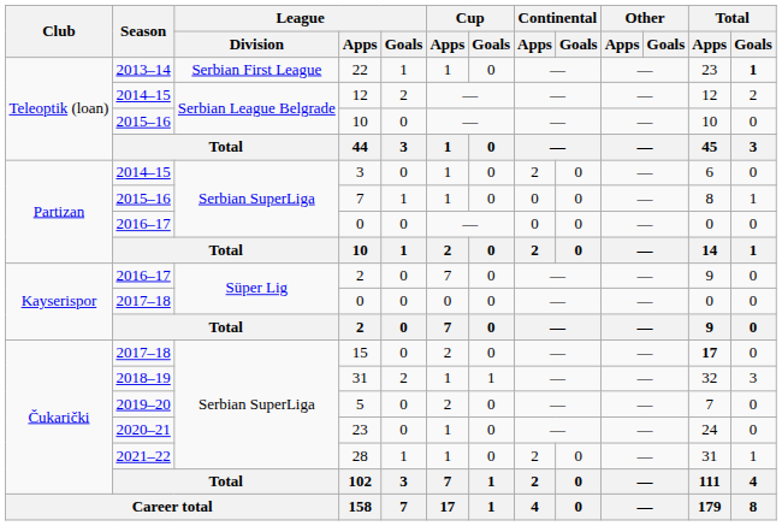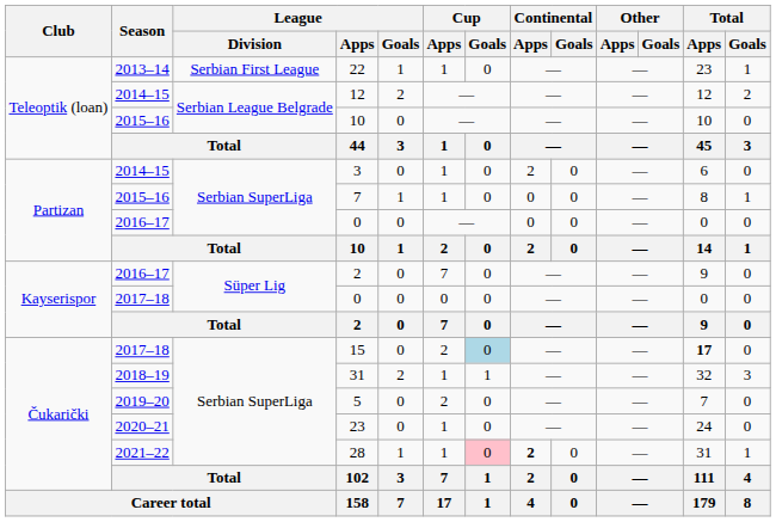 <table class="wikitable" style="text-align: center;font-size:90%">
 <tr>
 <th rowspan="2">Club</th>
 <th rowspan="2">Season</th>
 <th colspan="3">League</th>
 <th colspan="2">Cup</th>
 <th colspan="2">Continental</th>
 <th colspan="2">Other</th>
 <th colspan="2">Total</th>
 </tr>
 <tr>
 <th>Division</th>
 <th>Apps</th>
 <th>Goals</th>
 <th>Apps</th>
 <th>Goals</th>
 <th>Apps</th>
 <th>Goals</th>
 <th>Apps</th>
 <th>Goals</th>
 <th>Apps</th>
 <th>Goals</th>
 </tr>
 <tr>
 <td rowspan="4"><a href='#'>Teleoptik</a> (loan)</td>
 <td><a href='#'>2013–14</a></td>
 <td><a href='#'>Serbian First League</a></td>
 <td>22</td>
 <td>1</td>
 <td>1</td>
 <td>0</td>
 <td colspan="2">—</td>
 <td colspan="2">—</td>
 <td>23</td>
-<td><strong>1</strong></td>
+<td>1</td>
 </tr>
 <tr>
 <td><a href='#'>2014–15</a></td>
 <td rowspan="2"><a href='#'>Serbian League Belgrade</a></td>
 <td>12</td>
 <td>2</td>
 <td colspan="2">—</td>
 <td colspan="2">—</td>
 <td colspan="2">—</td>
 <td>12</td>
 <td>2</td>
 </tr>
 <tr>
 <td><a href='#'>2015–16</a></td>
 <td>10</td>
 <td>0</td>
 <td colspan="2">—</td>
 <td colspan="2">—</td>
 <td colspan="2">—</td>
 <td>10</td>
 <td>0</td>
 </tr>
 <tr>
 <th colspan="2">Total</th>
 <th>44</th>
 <th>3</th>
 <th>1</th>
 <th>0</th>
 <th colspan="2">—</th>
 <th colspan="2">—</th>
 <th>45</th>
 <th>3</th>
 </tr>
 <tr>
 <td rowspan="4"><a href='#'>Partizan</a></td>
 <td><a href='#'>2014–15</a></td>
 <td rowspan="3"><a href='#'>Serbian SuperLiga</a></td>
 <td>3</td>
 <td>0</td>
 <td>1</td>
 <td>0</td>
 <td>2</td>
 <td>0</td>
 <td colspan="2">—</td>
 <td>6</td>
 <td>0</td>
 </tr>
 <tr>
 <td><a href='#'>2015–16</a></td>
 <td>7</td>
 <td>1</td>
 <td>1</td>
 <td>0</td>
 <td>0</td>
 <td>0</td>
 <td colspan="2">—</td>
 <td>8</td>
 <td>1</td>
 </tr>
 <tr>
 <td><a href='#'>2016–17</a></td>
 <td>0</td>
 <td>0</td>
 <td colspan="2">—</td>
 <td>0</td>
 <td>0</td>
 <td colspan="2">—</td>
 <td>0</td>
 <td>0</td>
 </tr>
 <tr>
 <th colspan="2">Total</th>
 <th>10</th>
 <th>1</th>
 <th>2</th>
 <th>0</th>
 <th>2</th>
 <th>0</th>
 <th colspan="2">—</th>
 <th>14</th>
 <th>1</th>
 </tr>
 <tr>
 <td rowspan="3"><a href='#'>Kayserispor</a></td>
 <td><a href='#'>2016–17</a></td>
 <td rowspan="2"><a href='#'>Süper Lig</a></td>
 <td>2</td>
 <td>0</td>
 <td>7</td>
 <td>0</td>
 <td colspan="2">—</td>
 <td colspan="2">—</td>
 <td>9</td>
 <td>0</td>
 </tr>
 <tr>
 <td><a href='#'>2017–18</a></td>
 <td>0</td>
 <td>0</td>
 <td>0</td>
 <td>0</td>
 <td colspan="2">—</td>
 <td colspan="2">—</td>
 <td>0</td>
 <td>0</td>
 </tr>
 <tr>
 <th colspan="2">Total</th>
 <th>2</th>
 <th>0</th>
 <th>7</th>
 <th>0</th>
 <th colspan="2">—</th>
 <th colspan="2">—</th>
 <th>9</th>
 <th>0</th>
 </tr>
 <tr>
 <td rowspan="6"><a href='#'>Čukarički</a></td>
 <td><a href='#'>2017–18</a></td>
 <td rowspan="5">Serbian SuperLiga</td>
 <td>15</td>
 <td>0</td>
 <td>2</td>
-<td>0</td>
+<td style="background: lightblue;">0</td>
 <td colspan="2">—</td>
 <td colspan="2">—</td>
 <td><strong>17</strong></td>
 <td>0</td>
 </tr>
 <tr>
 <td><a href='#'>2018–19</a></td>
 <td>31</td>
 <td>2</td>
 <td>1</td>
 <td>1</td>
 <td colspan="2">—</td>
 <td colspan="2">—</td>
 <td>32</td>
 <td>3</td>
 </tr>
 <tr>
 <td><a href='#'>2019–20</a></td>
 <td>5</td>
 <td>0</td>
 <td>2</td>
 <td>0</td>
 <td colspan="2">—</td>
 <td colspan="2">—</td>
 <td>7</td>
 <td>0</td>
 </tr>
 <tr>
 <td><a href='#'>2020–21</a></td>
 <td>23</td>
 <td>0</td>
 <td>1</td>
 <td>0</td>
 <td colspan="2">—</td>
 <td colspan="2">—</td>
 <td>24</td>
 <td>0</td>
 </tr>
 <tr>
 <td><a href='#'>2021–22</a></td>
 <td>28</td>
 <td>1</td>
 <td>1</td>
-<td>0</td>
-<td>2</td>
+<td style="background: pink;">0</td>
+<td><strong>2</strong></td>
 <td>0</td>
 <td colspan="2">—</td>
 <td>31</td>
 <td>1</td>
 </tr>
 <tr>
 <th colspan="2">Total</th>
 <th>102</th>
 <th>3</th>
 <th>7</th>
 <th>1</th>
 <th>2</th>
 <th>0</th>
 <th colspan="2">—</th>
 <th>111</th>
 <th>4</th>
 </tr>
 <tr>
 <th colspan="3">Career total</th>
 <th>158</th>
 <th>7</th>
 <th>17</th>
 <th>1</th>
 <th>4</th>
 <th>0</th>
 <th colspan="2">—</th>
 <th>179</th>
 <th>8</th>
 </tr>
 </table>
